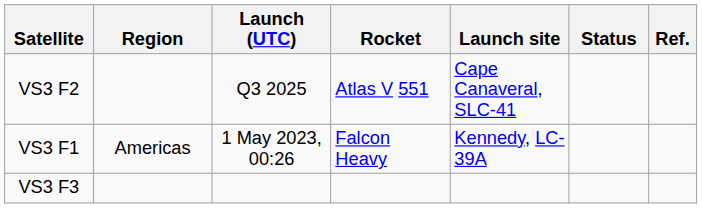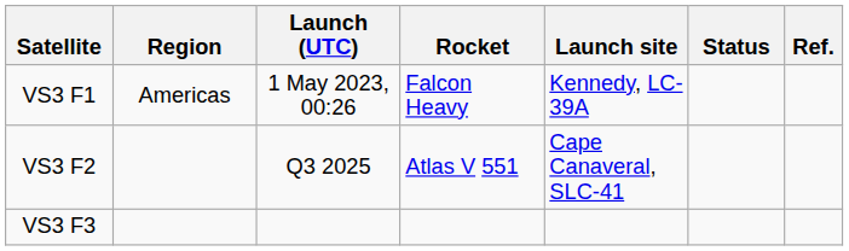 <table class="wikitable">
 <tr style="vertical-align: bottom;">
 <th style="width:10%;">Satellite</th>
 <th style="width:15%;">Region</th>
 <th style="width:15%;">Launch (<a href='#'>UTC</a>)</th>
 <th style="width:15%;">Rocket</th>
 <th style="width:15%;">Launch site</th>
 <th style="width:10%;">Status</th>
 <th style="width:5%;">Ref.</th>
 </tr>
 <tr>
+<td style="text-align:center;" nowrap>VS3 F1</td>
+<td style="text-align:center;">Americas</td>
+<td style="text-align:center;">1 May 2023, 00:26</td>
+<td style="text-align:left;"><a href='#'>Falcon Heavy</a></td>
+<td style="text-align:left;"><a href='#'>Kennedy</a>, <a href='#'>LC-39A</a></td>
+<td></td>
+<td style="text-align:left;"></td>
+</tr>
+<tr>
 <td style="text-align:center;">VS3 F2</td>
 <td style="text-align:center;"></td>
 <td style="text-align:center;">Q3 2025</td>
 <td style="text-align:left;"><a href='#'>Atlas V</a> <a href='#'>551</a></td>
 <td style="text-align:left;"><a href='#'>Cape Canaveral</a>, <a href='#'>SLC-41</a></td>
 <td></td>
 <td style="text-align:left;"><br></td>
-</tr>
-<tr>
-<td style="text-align:center;" nowrap>VS3 F1</td>
-<td style="text-align:center;">Americas</td>
-<td style="text-align:center;">1 May 2023, 00:26</td>
-<td style="text-align:left;"><a href='#'>Falcon Heavy</a></td>
-<td style="text-align:left;"><a href='#'>Kennedy</a>, <a href='#'>LC-39A</a></td>
-<td></td>
-<td style="text-align:left;"></td>
 </tr>
 <tr>
 <td style="text-align:center;" nowrap>VS3 F3</td>
 <td style="text-align:center;"></td>
 <td></td>
 <td></td>
 <td></td>
 <td></td>
 <td style="text-align:left;"></td>
 </tr>
 </table>
